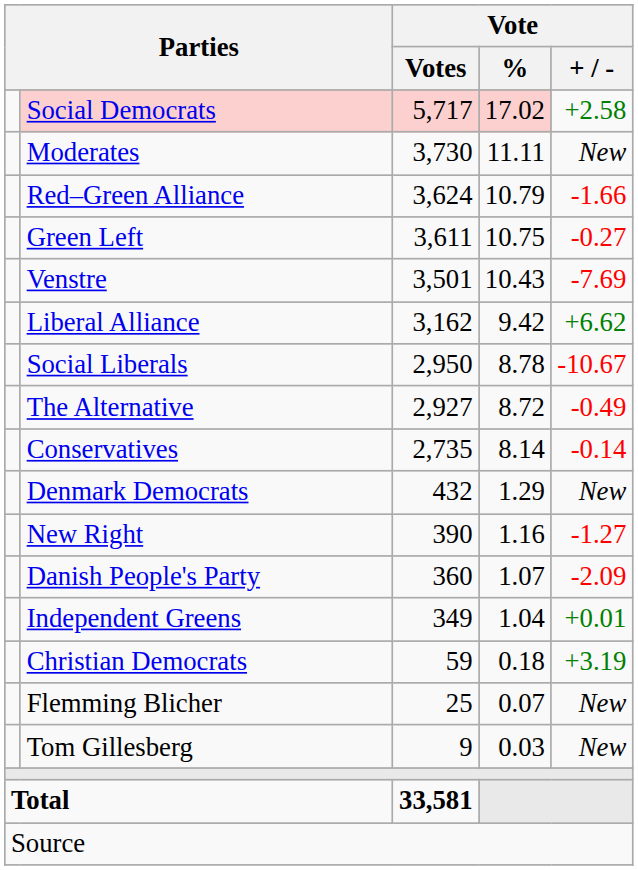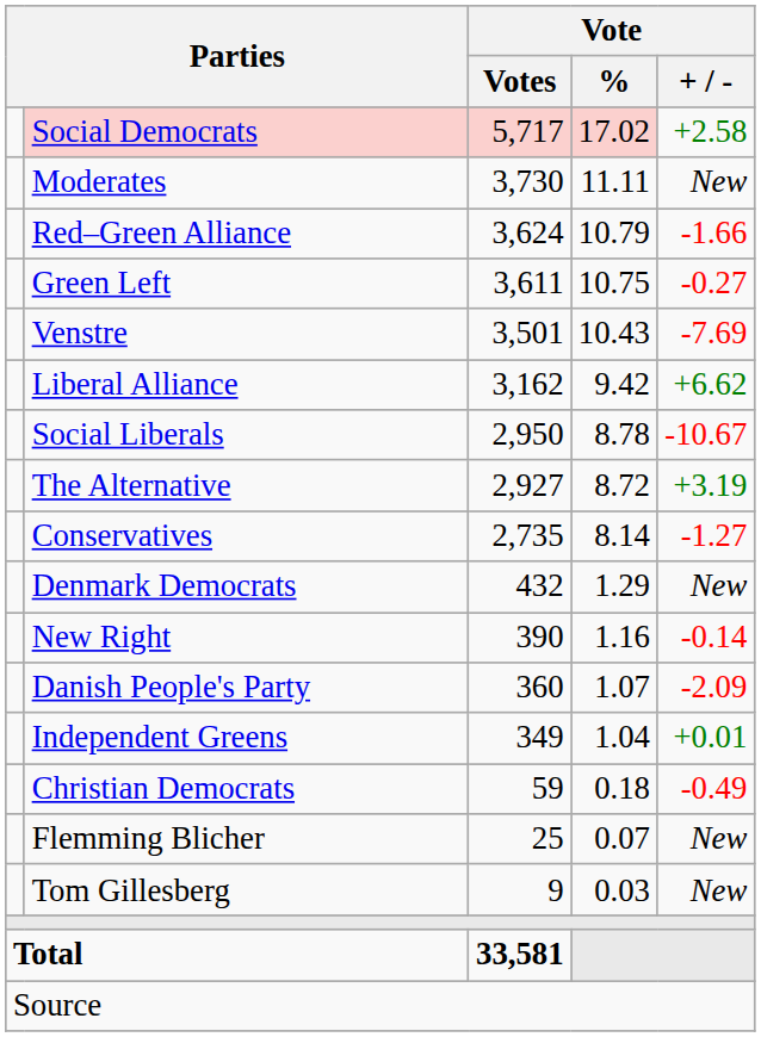 <table class="wikitable" style="text-align:right;">
 <tr>
 <th style="text-align:centre;" rowspan="2" colspan="2" width="225">Parties</th>
 <th colspan="3">Vote</th>
 </tr>
 <tr>
 <th width="15">Votes</th>
 <th width="15">%</th>
 <th width="15">+ / -</th>
 </tr>
 <tr>
 <td width="2" style="color:inherit;background:"></td>
 <td bgcolor=#fbd0ce  align="left"><a href='#'>Social Democrats</a></td>
 <td bgcolor=#fbd0ce>5,717</td>
 <td bgcolor=#fbd0ce>17.02</td>
 <td style=color:green;>+2.58</td>
 </tr>
 <tr>
 <td width="2" style="color:inherit;background:"></td>
 <td align="left"><a href='#'>Moderates</a></td>
 <td>3,730</td>
 <td>11.11</td>
 <td><em>New</em></td>
 </tr>
 <tr>
 <td width="2" style="color:inherit;background:"></td>
 <td align="left"><a href='#'>Red–Green Alliance</a></td>
 <td>3,624</td>
 <td>10.79</td>
 <td style=color:red;>-1.66</td>
 </tr>
 <tr>
 <td width="2" style="color:inherit;background:"></td>
 <td align="left"><a href='#'>Green Left</a></td>
 <td>3,611</td>
 <td>10.75</td>
 <td style=color:red;>-0.27</td>
 </tr>
 <tr>
 <td width="2" style="color:inherit;background:"></td>
 <td align="left"><a href='#'>Venstre</a></td>
 <td>3,501</td>
 <td>10.43</td>
 <td style=color:red;>-7.69</td>
 </tr>
 <tr>
 <td width="2" style="color:inherit;background:"></td>
 <td align="left"><a href='#'>Liberal Alliance</a></td>
 <td>3,162</td>
 <td>9.42</td>
 <td style=color:green;>+6.62</td>
 </tr>
 <tr>
 <td width="2" style="color:inherit;background:"></td>
 <td align="left"><a href='#'>Social Liberals</a></td>
 <td>2,950</td>
 <td>8.78</td>
 <td style=color:red;>-10.67</td>
 </tr>
 <tr>
 <td width="2" style="color:inherit;background:"></td>
 <td align="left"><a href='#'>The Alternative</a></td>
 <td>2,927</td>
 <td>8.72</td>
-<td style=color:red;>-0.49</td>
+<td style=color:green;>+3.19</td>
 </tr>
 <tr>
 <td width="2" style="color:inherit;background:"></td>
 <td align="left"><a href='#'>Conservatives</a></td>
 <td>2,735</td>
 <td>8.14</td>
-<td style=color:red;>-0.14</td>
+<td style=color:red;>-1.27</td>
 </tr>
 <tr>
 <td width="2" style="color:inherit;background:"></td>
 <td align="left"><a href='#'>Denmark Democrats</a></td>
 <td>432</td>
 <td>1.29</td>
 <td><em>New</em></td>
 </tr>
 <tr>
 <td width="2" style="color:inherit;background:"></td>
 <td align="left"><a href='#'>New Right</a></td>
 <td>390</td>
 <td>1.16</td>
-<td style=color:red;>-1.27</td>
+<td style=color:red;>-0.14</td>
 </tr>
 <tr>
 <td width="2" style="color:inherit;background:"></td>
 <td align="left"><a href='#'>Danish People's Party</a></td>
 <td>360</td>
 <td>1.07</td>
 <td style=color:red;>-2.09</td>
 </tr>
 <tr>
 <td width="2" style="color:inherit;background:"></td>
 <td align="left"><a href='#'>Independent Greens</a></td>
 <td>349</td>
 <td>1.04</td>
 <td style=color:green;>+0.01</td>
 </tr>
 <tr>
 <td width="2" style="color:inherit;background:"></td>
 <td align="left"><a href='#'>Christian Democrats</a></td>
 <td>59</td>
 <td>0.18</td>
-<td style=color:green;>+3.19</td>
+<td style=color:red;>-0.49</td>
 </tr>
 <tr>
 <td width="2" style="color:inherit;background:"></td>
 <td align="left">Flemming Blicher</td>
 <td>25</td>
 <td>0.07</td>
 <td><em>New</em></td>
 </tr>
 <tr>
 <td width="2" style="color:inherit;background:"></td>
 <td align="left">Tom Gillesberg</td>
 <td>9</td>
 <td>0.03</td>
 <td><em>New</em></td>
 </tr>
 <tr>
 <td colspan="7" bgcolor="#E9E9E9"></td>
 </tr>
 <tr>
 <td align="left" colspan="2"><strong>Total</strong></td>
 <td><strong>33,581</strong></td>
 <td bgcolor="#E9E9E9" colspan="2"></td>
 </tr>
 <tr>
 <td align="left" colspan="6">Source</td>
 </tr>
 </table>
